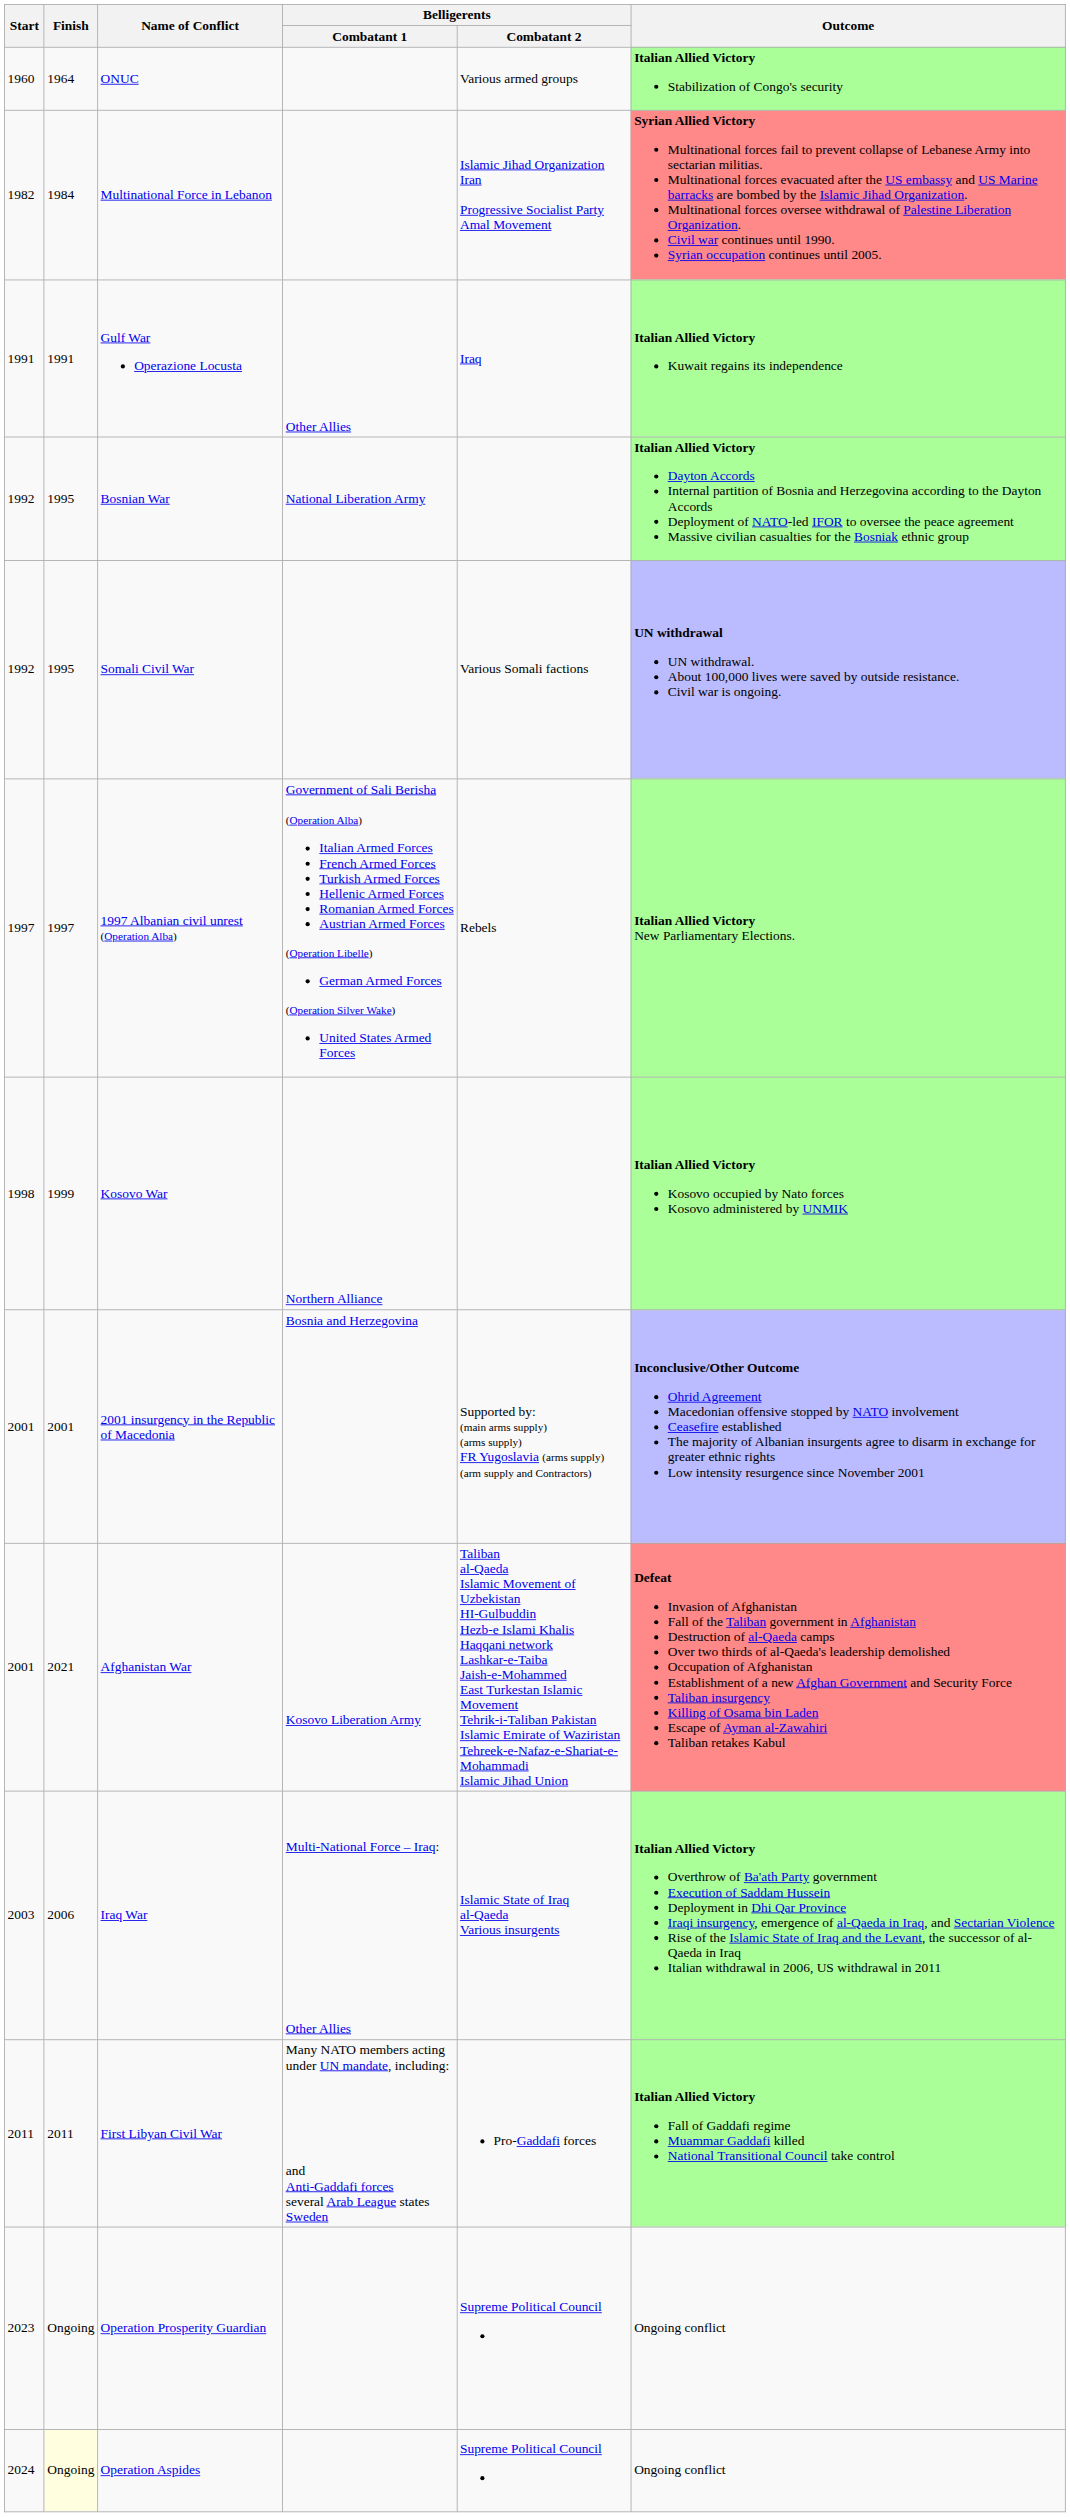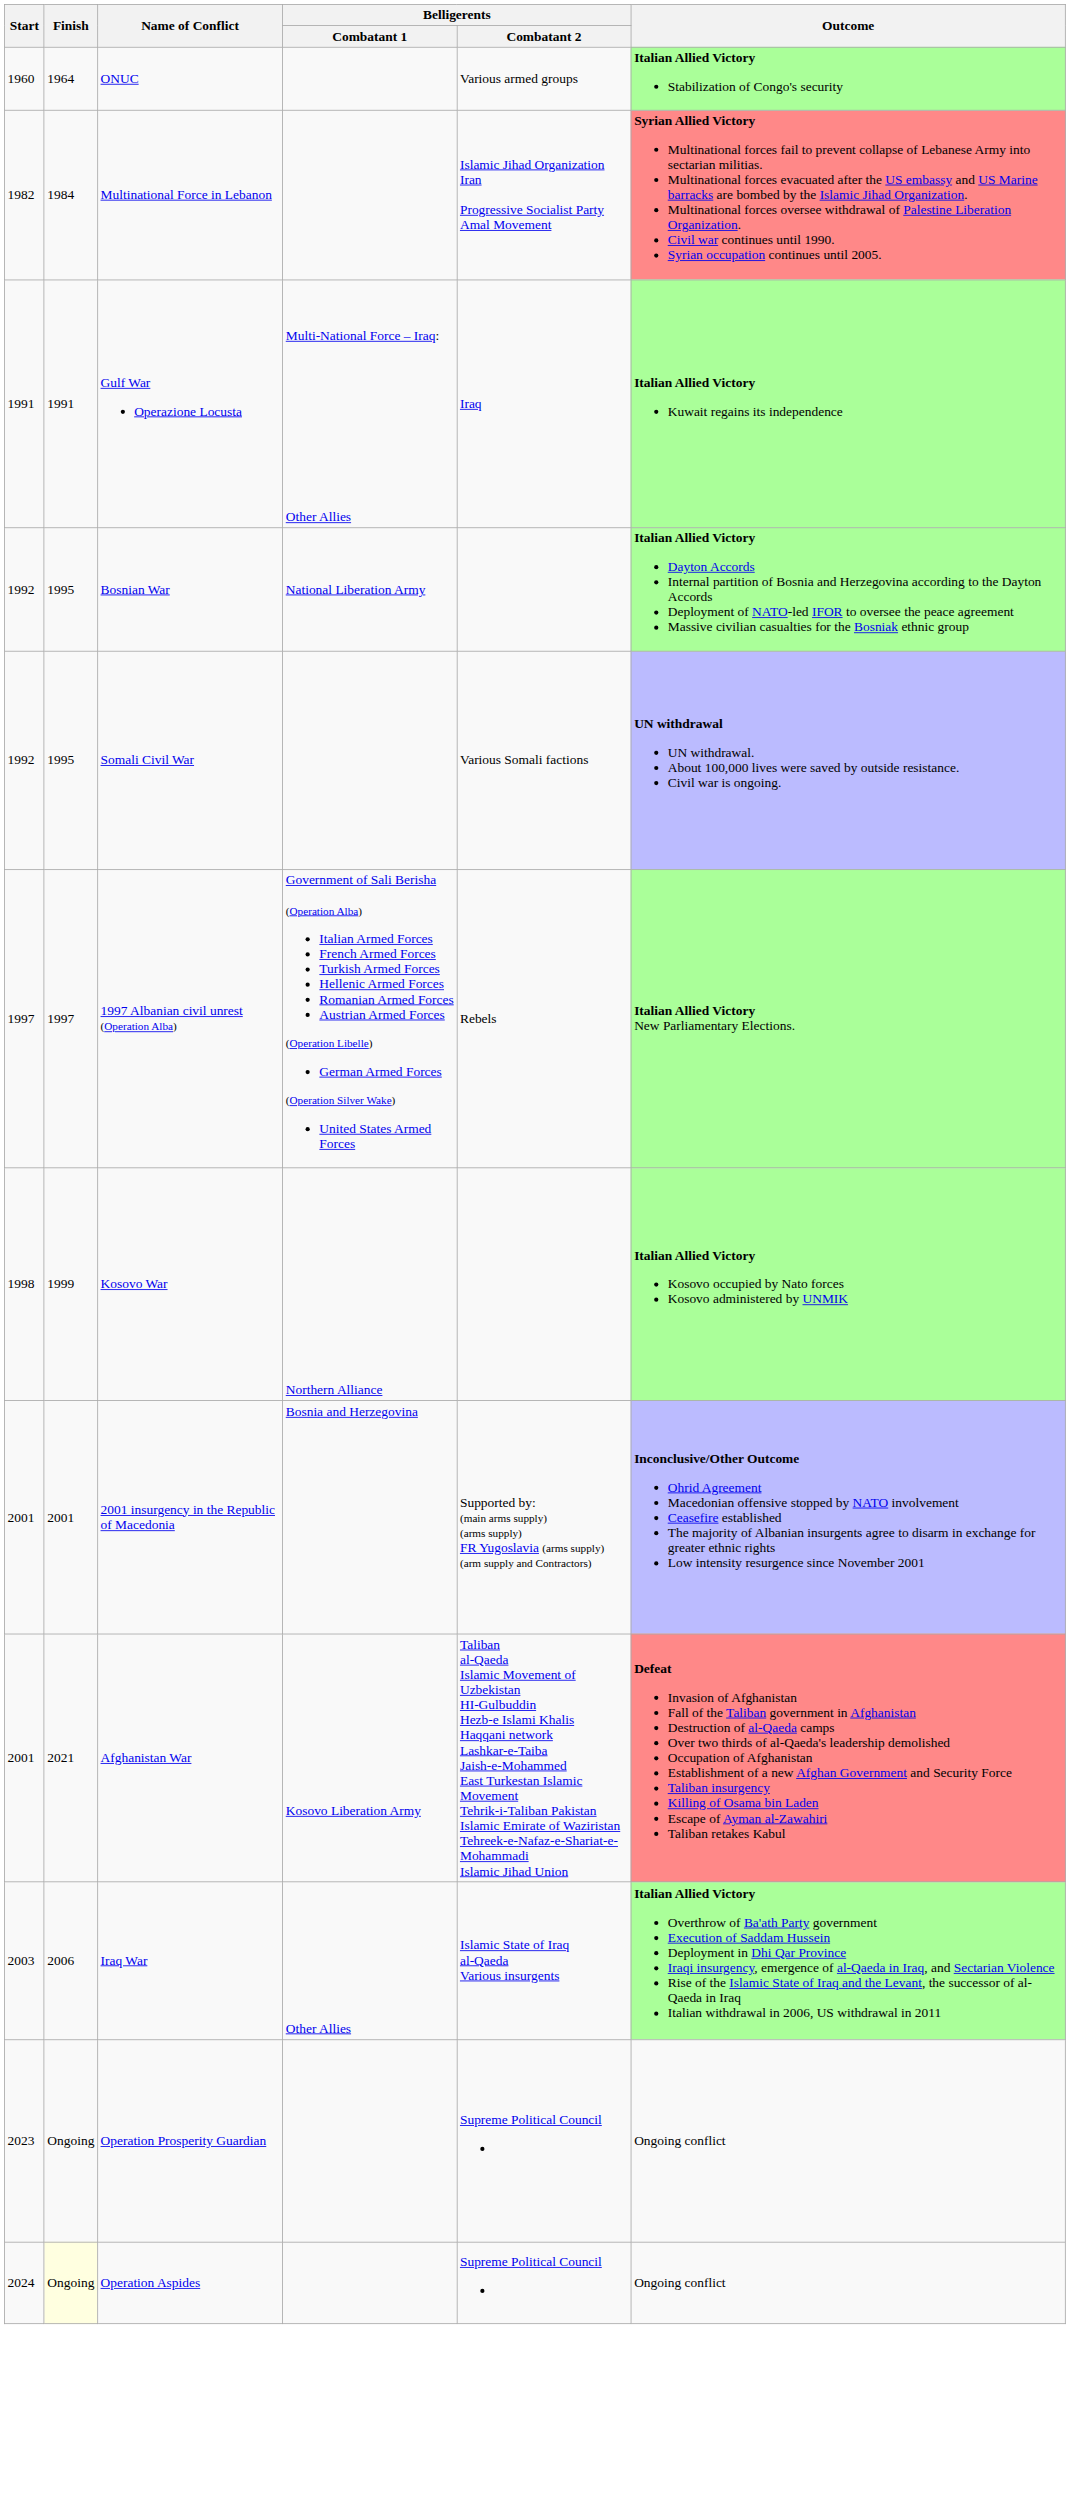 <table class="wikitable sortable" width="100%">
 <tr>
 <th rowspan="2" width="40">Start</th>
 <th rowspan="2" width="40">Finish</th>
 <th rowspan="2"  class="unsortable">Name of Conflict</th>
 <th colspan="2"  class="unsortable">Belligerents</th>
 <th rowspan="2"  class="unsortable">Outcome</th>
 </tr>
 <tr>
 <th width="200">Combatant 1</th>
 <th width="200">Combatant 2</th>
 </tr>
 <tr>
 <td>1960</td>
 <td>1964</td>
 <td><a href='#'>ONUC</a></td>
 <td></td>
 <td>Various armed groups</td>
 <td style="background:#AF9"><strong>Italian Allied Victory</strong><br><ul><li>Stabilization of Congo's security</li></ul></td>
 </tr>
 <tr>
 <td>1982</td>
 <td>1984</td>
 <td><a href='#'>Multinational Force in Lebanon</a></td>
 <td><br><br><br> <br> </td>
 <td><a href='#'>Islamic Jihad Organization</a><br> <a href='#'>Iran</a><br><br> <a href='#'>Progressive Socialist Party</a><br> <a href='#'>Amal Movement</a></td>
 <td style="background:#F88"><strong>Syrian Allied Victory</strong><br><ul><li>Multinational forces fail to prevent collapse of Lebanese Army into sectarian militias.</li><li>Multinational forces evacuated after the <a href='#'>US embassy</a> and <a href='#'>US Marine barracks</a> are bombed by the <a href='#'>Islamic Jihad Organization</a>.</li><li>Multinational forces oversee withdrawal of <a href='#'>Palestine Liberation Organization</a>.</li><li><a href='#'>Civil war</a> continues until 1990.</li><li><a href='#'>Syrian occupation</a> continues until 2005.</li></ul></td>
 </tr>
 <tr>
 <td>1991</td>
 <td>1991</td>
 <td><a href='#'>Gulf War</a><br><ul><li><a href='#'>Operazione Locusta</a></li></ul></td>
-<td><br><br><br> <br> <br> <br> <br> <br> <br> <a href='#'>Other Allies</a></td>
+<td><br><br><br> <a href='#'>Multi-National Force&nbsp;– Iraq</a>:<br> <br> <br> <br> <br> <br> <br> <br> <br> <br> <br> <br> <a href='#'>Other Allies</a></td>
 <td> <a href='#'>Iraq</a></td>
 <td style="background:#AF9"><strong>Italian Allied Victory</strong><br><ul><li>Kuwait regains its independence</li></ul></td>
 </tr>
 <tr>
 <td>1992</td>
 <td>1995</td>
 <td><a href='#'>Bosnian War</a></td>
 <td> <a href='#'>National Liberation Army</a><br></td>
 <td></td>
 <td style="background:#AF9"><strong>Italian Allied Victory</strong><br><ul><li><a href='#'>Dayton Accords</a></li><li>Internal partition of Bosnia and Herzegovina according to the Dayton Accords</li><li>Deployment of <a href='#'>NATO</a>-led <a href='#'>IFOR</a> to oversee the peace agreement</li><li>Massive civilian casualties for the <a href='#'>Bosniak</a> ethnic group</li></ul></td>
 </tr>
 <tr>
 <td>1992</td>
 <td>1995</td>
 <td><a href='#'>Somali Civil War</a></td>
 <td><br><br><br><br><br><br><br><br><br><br><br><br><br><br></td>
 <td> Various Somali factions</td>
 <td style="background:#BBF"><strong>UN withdrawal</strong><br><ul><li>UN withdrawal.</li><li>About 100,000 lives were saved by outside resistance.</li><li>Civil war is ongoing.</li></ul></td>
 </tr>
 <tr>
 <td>1997</td>
 <td>1997</td>
 <td><a href='#'>1997 Albanian civil unrest</a><br><small>(<a href='#'>Operation Alba</a>)</small></td>
 <td> <a href='#'>Government of Sali Berisha</a><br><br><small>(<a href='#'>Operation Alba</a>)</small><ul><li> <a href='#'>Italian Armed Forces</a></li><li> <a href='#'>French Armed Forces</a></li><li> <a href='#'>Turkish Armed Forces</a></li><li> <a href='#'>Hellenic Armed Forces</a></li><li> <a href='#'>Romanian Armed Forces</a></li><li> <a href='#'>Austrian Armed Forces</a></li></ul><small>(<a href='#'>Operation Libelle</a>)</small><ul><li> <a href='#'>German Armed Forces</a></li></ul><small>(<a href='#'>Operation Silver Wake</a>)</small><ul><li> <a href='#'>United States Armed Forces</a></li></ul></td>
 <td> Rebels</td>
 <td style="background:#AF9"><strong>Italian Allied Victory</strong><br>New Parliamentary Elections.</td>
 </tr>
 <tr>
 <td>1998</td>
 <td>1999</td>
 <td><a href='#'>Kosovo War</a></td>
 <td><br><br><br><br><br><br><br><br><br><br><br><br><br><br> <a href='#'>Northern Alliance</a></td>
 <td></td>
 <td style="background:#AF9"><strong>Italian Allied Victory</strong><br><ul><li>Kosovo occupied by Nato forces</li><li>Kosovo administered by <a href='#'>UNMIK</a></li></ul></td>
 </tr>
 <tr>
 <td>2001</td>
 <td>2001</td>
 <td><a href='#'>2001 insurgency in the Republic of Macedonia</a></td>
 <td> <a href='#'>Bosnia and Herzegovina</a><br><br><br><br><br><br><br><br><br><br><br><br><br><br><br></td>
 <td> <br><br>Supported by:<br> <small>(main arms supply)</small><br>  <small>(arms supply)</small><br>  <a href='#'>FR Yugoslavia</a> <small>(arms supply)</small><br>  <small>(arm supply and Contractors)</small></td>
 <td style="background:#BBF"><strong>Inconclusive/Other Outcome</strong><br><ul><li><a href='#'>Ohrid Agreement</a></li><li>Macedonian offensive stopped by <a href='#'>NATO</a> involvement</li><li><a href='#'>Ceasefire</a> established</li><li>The majority of Albanian insurgents agree to disarm in exchange for greater ethnic rights</li><li>Low intensity resurgence since November 2001</li></ul></td>
 </tr>
 <tr>
 <td>2001</td>
 <td>2021</td>
 <td><a href='#'>Afghanistan War</a></td>
 <td><br><br><br> <br> <br> <br> <br>  <a href='#'>Kosovo Liberation Army</a></td>
 <td> <a href='#'>Taliban</a><br> <a href='#'>al-Qaeda</a><br> <a href='#'>Islamic Movement of Uzbekistan</a><br> <a href='#'>HI-Gulbuddin</a><br> <a href='#'>Hezb-e Islami Khalis</a><br> <a href='#'>Haqqani network</a><br> <a href='#'>Lashkar-e-Taiba</a><br> <a href='#'>Jaish-e-Mohammed</a><br> <a href='#'>East Turkestan Islamic Movement</a><br> <a href='#'>Tehrik-i-Taliban Pakistan</a><br> <a href='#'>Islamic Emirate of Waziristan</a><br> <a href='#'>Tehreek-e-Nafaz-e-Shariat-e-Mohammadi</a><br> <a href='#'>Islamic Jihad Union</a><br></td>
 <td style="background:#F88"><strong>Defeat</strong><br><ul><li>Invasion of Afghanistan</li><li>Fall of the <a href='#'>Taliban</a> government in <a href='#'>Afghanistan</a></li><li>Destruction of <a href='#'>al-Qaeda</a> camps</li><li>Over two thirds of al-Qaeda's leadership demolished</li><li>Occupation of Afghanistan</li><li>Establishment of a new <a href='#'>Afghan Government</a> and Security Force</li><li><a href='#'>Taliban insurgency</a></li><li><a href='#'>Killing of Osama bin Laden</a></li><li>Escape of <a href='#'>Ayman al-Zawahiri</a></li><li>Taliban retakes Kabul</li></ul></td>
 </tr>
 <tr>
 <td>2003</td>
 <td>2006</td>
 <td><a href='#'>Iraq War</a></td>
-<td><br><br><br> <a href='#'>Multi-National Force&nbsp;– Iraq</a>:<br> <br> <br> <br> <br> <br> <br> <br> <br> <br> <br> <br> <a href='#'>Other Allies</a></td>
+<td><br><br><br> <br> <br> <br> <br> <br> <br> <a href='#'>Other Allies</a></td>
 <td> <a href='#'>Islamic State of Iraq</a><br> <a href='#'>al-Qaeda</a><br><a href='#'>Various insurgents</a><br></td>
 <td style="background:#AF9"><strong>Italian Allied Victory</strong><br><ul><li>Overthrow of <a href='#'>Ba'ath Party</a> government</li><li><a href='#'>Execution of Saddam Hussein</a></li><li>Deployment in <a href='#'>Dhi Qar Province</a></li><li><a href='#'>Iraqi insurgency</a>, emergence of <a href='#'>al-Qaeda in Iraq</a>, and <a href='#'>Sectarian Violence</a></li><li>Rise of the <a href='#'>Islamic State of Iraq and the Levant</a>, the successor of al-Qaeda in Iraq</li><li>Italian withdrawal in 2006, US withdrawal in 2011</li></ul></td>
-</tr>
-<tr>
-<td>2011</td>
-<td>2011</td>
-<td><a href='#'>First Libyan Civil War</a></td>
-<td>Many NATO  members acting under  <a href='#'>UN mandate</a>, including:<br><br><br> <br> <br> <br> <br> and<br>  <a href='#'>Anti-Gaddafi forces</a><br>  several <a href='#'>Arab League</a> states<br>  <a href='#'>Sweden</a></td>
-<td><br><ul><li>Pro-<a href='#'>Gaddafi</a> forces</li></ul></td>
-<td style="background:#AF9"><strong>Italian Allied Victory</strong><br><ul><li>Fall of Gaddafi regime</li><li><a href='#'>Muammar Gaddafi</a> killed</li><li><a href='#'>National Transitional Council</a> take control</li></ul></td>
 </tr>
 <tr>
 <td>2023</td>
 <td>Ongoing</td>
 <td><a href='#'>Operation Prosperity Guardian</a></td>
 <td><br><br><br> <br> <br> <br> <br> <br> <br> <br> <br> <br> <br> </td>
 <td> <a href='#'>Supreme Political Council</a><br><ul><li></li></ul></td>
 <td>Ongoing conflict</td>
 </tr>
 <tr>
 <td>2024</td>
 <td style="background: lightyellow;">Ongoing</td>
 <td><a href='#'>Operation Aspides</a></td>
 <td><br><br><br> <br> <br> </td>
 <td> <a href='#'>Supreme Political Council</a><br><ul><li></li></ul></td>
 <td>Ongoing conflict</td>
 </tr>
 </table>
